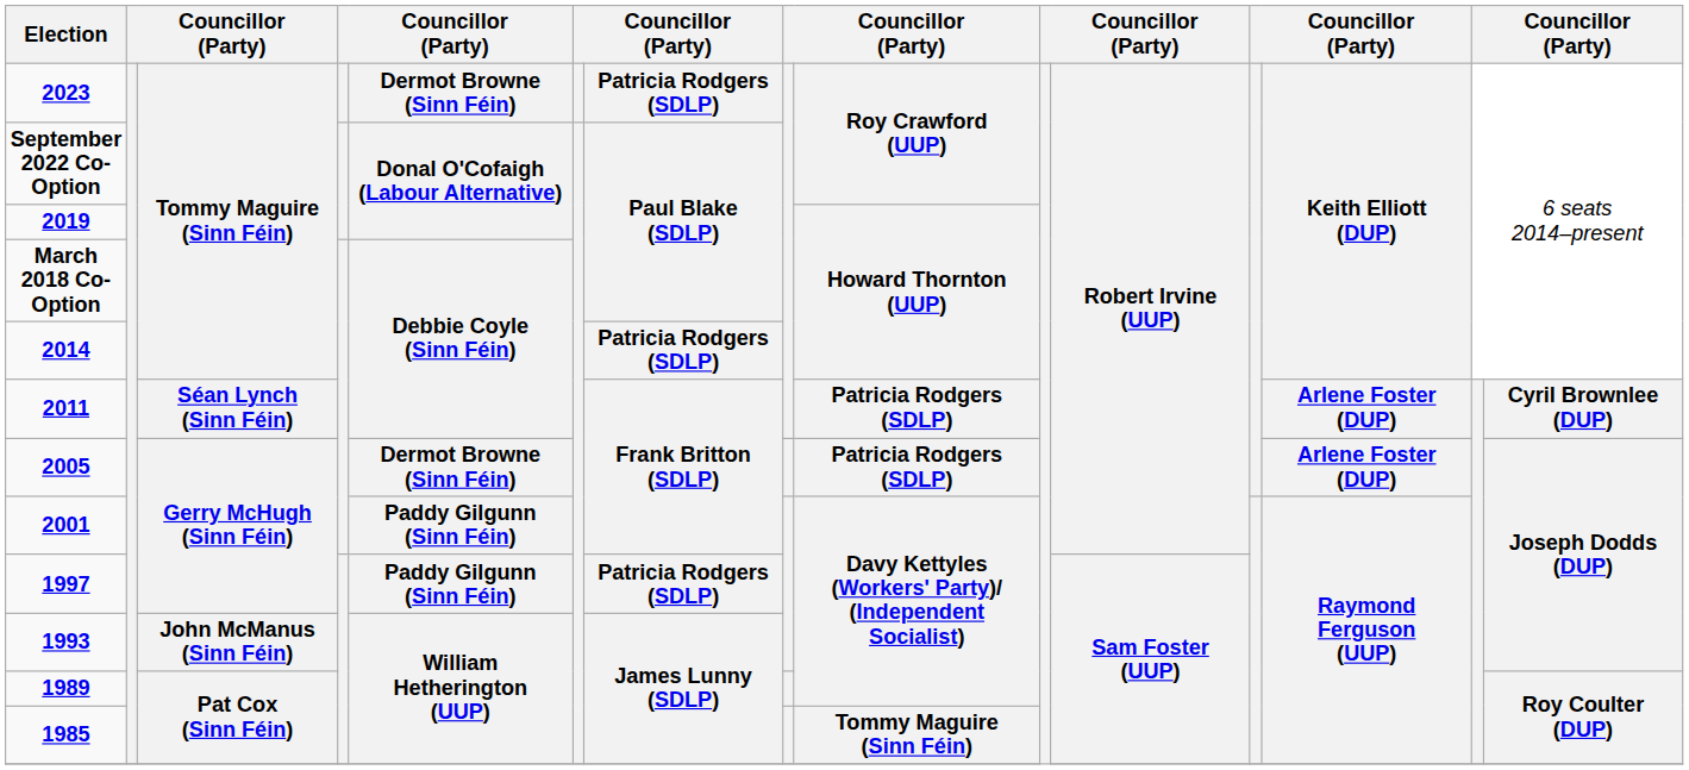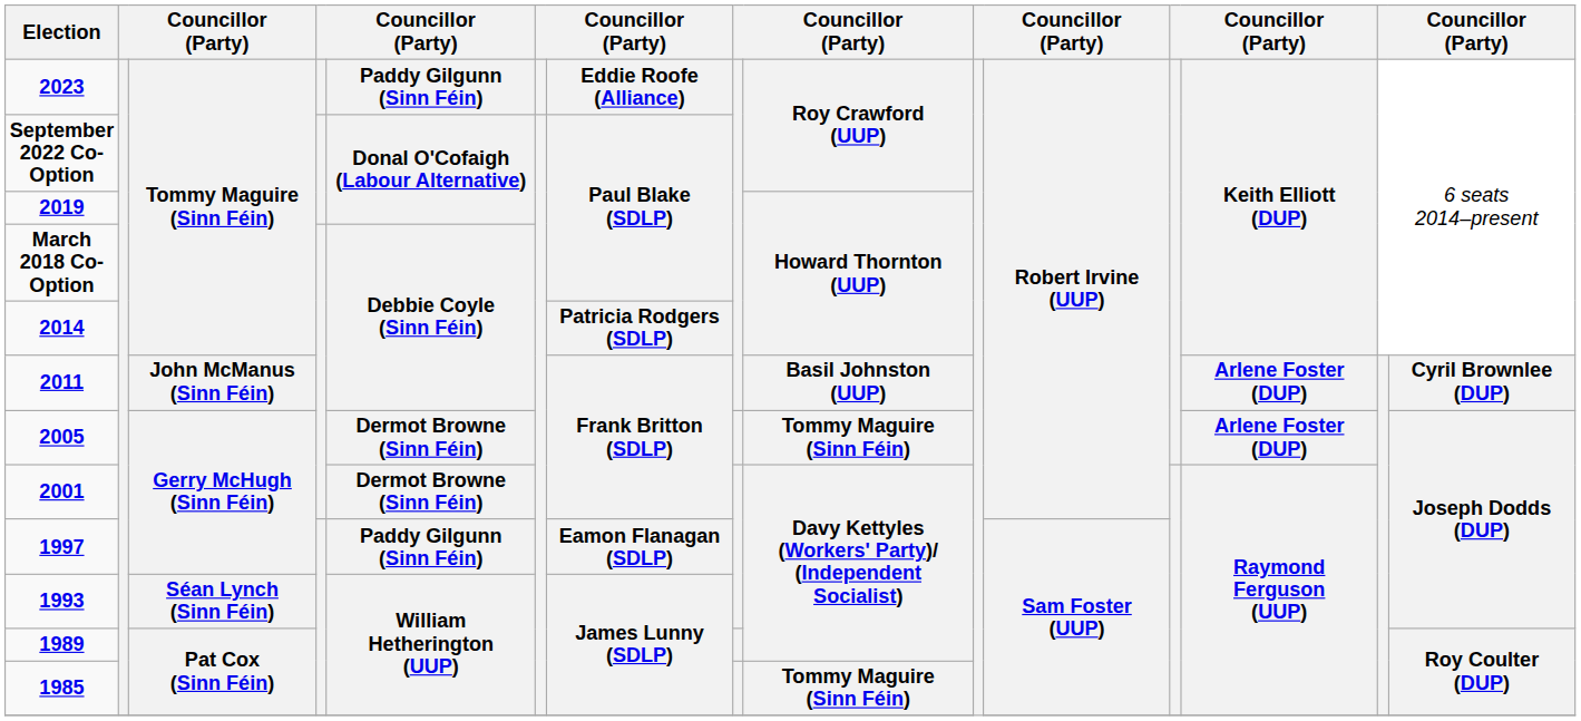 <table class="wikitable" style="text-align:center">
 <tr>
 <th scope="col" width="50">Election</th>
 <th scope="col" width="150" colspan = "2">Councillor<br> (Party)</th>
 <th scope="col" width="150" colspan = "2">Councillor<br> (Party)</th>
 <th scope="col" width="150" colspan = "2">Councillor<br> (Party)</th>
 <th scope="col" width="150" colspan = "2">Councillor<br> (Party)</th>
 <th scope="col" width="150" colspan = "2">Councillor<br> (Party)</th>
 <th scope="col" width="150" colspan = "2">Councillor<br> (Party)</th>
 <th scope="col" width="150" colspan = "2">Councillor<br> (Party)</th>
 </tr>
 <tr>
 <td><strong><a href='#'>2023</a></strong></td>
 <th rowspan="12" width="1" style="background-color: "></th>
 <th rowspan = "5">Tommy Maguire <br> (<a href='#'>Sinn Féin</a>)</th>
 <th rowspan="1" width="1" style="background-color: "></th>
-<th rowspan = "1">Dermot Browne <br> (<a href='#'>Sinn Féin</a>)</th>
+<th rowspan = "1">Paddy Gilgunn <br> (<a href='#'>Sinn Féin</a>)</th>
 <th rowspan="1" width="1" style="background-color: "></th>
-<th rowspan = "1">Patricia Rodgers <br> (<a href='#'>SDLP</a>)</th>
+<th rowspan = "1">Eddie Roofe <br> (<a href='#'>Alliance</a>)</th>
 <th rowspan="6" width="1" style="background-color: "></th>
 <th rowspan = "2">Roy Crawford <br> (<a href='#'>UUP</a>)</th>
 <th rowspan="14" width="1" style="background-color: "></th>
 <th rowspan = "8">Robert Irvine <br> (<a href='#'>UUP</a>)</th>
 <th rowspan="7" width="1" style="background-color: "></th>
 <th rowspan = "5">Keith Elliott <br> (<a href='#'>DUP</a>)</th>
 <td colspan="2" rowspan="5" style="background-color:#FFFFFF"><em>6 seats<br>2014–present</em></td>
 </tr>
 <tr>
 <td><strong>September 2022 Co-Option</strong></td>
 <th rowspan="2" width="1" style="background-color: "></th>
 <th rowspan = "2">Donal O'Cofaigh <br> (<a href='#'>Labour Alternative</a>)</th>
 <th rowspan="11" width="1" style="background-color: "></th>
 <th rowspan = "3">Paul Blake <br> (<a href='#'>SDLP</a>)</th>
 </tr>
 <tr>
 <td><strong><a href='#'>2019</a></strong></td>
 <th rowspan = "3">Howard Thornton <br> (<a href='#'>UUP</a>)</th>
 </tr>
 <tr>
 <td><strong>March 2018 Co-Option</strong></td>
 <th rowspan="5" width="1" style="background-color: "></th>
 <th rowspan = "3">Debbie Coyle <br> (<a href='#'>Sinn Féin</a>)</th>
 </tr>
 <tr>
 <td><strong><a href='#'>2014</a></strong></td>
 <th rowspan = "1">Patricia Rodgers <br> (<a href='#'>SDLP</a>)</th>
 </tr>
 <tr>
 <td><strong><a href='#'>2011</a></strong></td>
-<th rowspan = "1"><a href='#'>Séan Lynch</a> <br> (<a href='#'>Sinn Féin</a>)</th>
+<th rowspan = "1">John McManus <br> (<a href='#'>Sinn Féin</a>)</th>
 <th rowspan = "3">Frank Britton <br> (<a href='#'>SDLP</a>)</th>
-<th rowspan = "1">Patricia Rodgers <br> (<a href='#'>SDLP</a>)</th>
+<th rowspan = "1">Basil Johnston <br> (<a href='#'>UUP</a>)</th>
 <th rowspan = "1"><a href='#'>Arlene Foster</a> <br> (<a href='#'>DUP</a>)</th>
 <th rowspan="7" width="1" style="background-color: "></th>
 <th rowspan = "1">Cyril Brownlee <br> (<a href='#'>DUP</a>)</th>
 </tr>
 <tr>
 <td><strong><a href='#'>2005</a></strong></td>
 <th rowspan = "3"><a href='#'>Gerry McHugh</a> <br> (<a href='#'>Sinn Féin</a>)</th>
 <th rowspan = "1">Dermot Browne <br> (<a href='#'>Sinn Féin</a>)</th>
 <th rowspan="1" width="1" style="background-color: "></th>
-<th rowspan = "1">Patricia Rodgers <br> (<a href='#'>SDLP</a>)</th>
+<th rowspan = "1">Tommy Maguire <br> (<a href='#'>Sinn Féin</a>)</th>
 <th rowspan = "1"><a href='#'>Arlene Foster</a> <br> (<a href='#'>DUP</a>)</th>
 <th rowspan = "4">Joseph Dodds <br> (<a href='#'>DUP</a>)</th>
 </tr>
 <tr>
 <td><strong><a href='#'>2001</a></strong></td>
-<th rowspan = "1">Paddy Gilgunn <br> (<a href='#'>Sinn Féin</a>)</th>
+<th rowspan = "1">Dermot Browne <br> (<a href='#'>Sinn Féin</a>)</th>
 <th rowspan="3" width="1" style="background-color: "></th>
 <th rowspan = "4">Davy Kettyles <br> (<a href='#'>Workers' Party</a>)/ <br> (<a href='#'>Independent Socialist</a>)</th>
 <th rowspan="5" width="1" style="background-color: "></th>
 <th rowspan = "5"><a href='#'>Raymond Ferguson</a> <br> (<a href='#'>UUP</a>)</th>
 </tr>
 <tr>
 <td><strong><a href='#'>1997</a></strong></td>
 <th rowspan="4" width="1" style="background-color: "></th>
 <th rowspan = "1">Paddy Gilgunn <br> (<a href='#'>Sinn Féin</a>)</th>
-<th rowspan = "1">Patricia Rodgers <br> (<a href='#'>SDLP</a>)</th>
+<th rowspan = "1">Eamon Flanagan <br> (<a href='#'>SDLP</a>)</th>
 <th rowspan = "4"><a href='#'>Sam Foster</a> <br> (<a href='#'>UUP</a>)</th>
 </tr>
 <tr>
 <td><strong><a href='#'>1993</a></strong></td>
-<th rowspan = "1">John McManus <br> (<a href='#'>Sinn Féin</a>)</th>
+<th rowspan = "1"><a href='#'>Séan Lynch</a> <br> (<a href='#'>Sinn Féin</a>)</th>
 <th rowspan = "3">William Hetherington <br> (<a href='#'>UUP</a>)</th>
 <th rowspan = "3">James Lunny <br> (<a href='#'>SDLP</a>)</th>
 </tr>
 <tr>
 <td><strong><a href='#'>1989</a></strong></td>
 <th rowspan = "2">Pat Cox <br> (<a href='#'>Sinn Féin</a>)</th>
 <th rowspan="1" width="1" style="background-color: "></th>
 <th rowspan = "2">Roy Coulter <br> (<a href='#'>DUP</a>)</th>
 </tr>
 <tr>
 <td><strong><a href='#'>1985</a></strong></td>
 <th rowspan="1" width="1" style="background-color: "></th>
 <th rowspan = "1">Tommy Maguire <br> (<a href='#'>Sinn Féin</a>)</th>
 </tr>
 <tr>
 </tr>
 </table>
